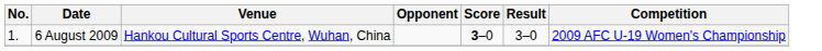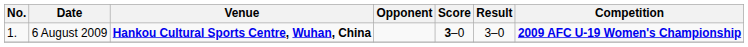 <table class="wikitable">
 <tr>
 <th>No.</th>
 <th>Date</th>
 <th>Venue</th>
 <th>Opponent</th>
 <th>Score</th>
 <th>Result</th>
 <th>Competition</th>
 </tr>
 <tr>
 <td>1.</td>
 <td>6 August 2009</td>
-<td><a href='#'>Hankou Cultural Sports Centre</a>, <a href='#'>Wuhan</a>, China</td>
+<td><strong><a href='#'>Hankou Cultural Sports Centre</a>, <a href='#'>Wuhan</a>, China</strong></td>
 <td></td>
 <td align=center><strong>3</strong>–0</td>
 <td align=center>3–0</td>
-<td><a href='#'>2009 AFC U-19 Women's Championship</a></td>
+<td><strong><a href='#'>2009 AFC U-19 Women's Championship</a></strong></td>
 </tr>
 <tr>
 </tr>
 </table>
